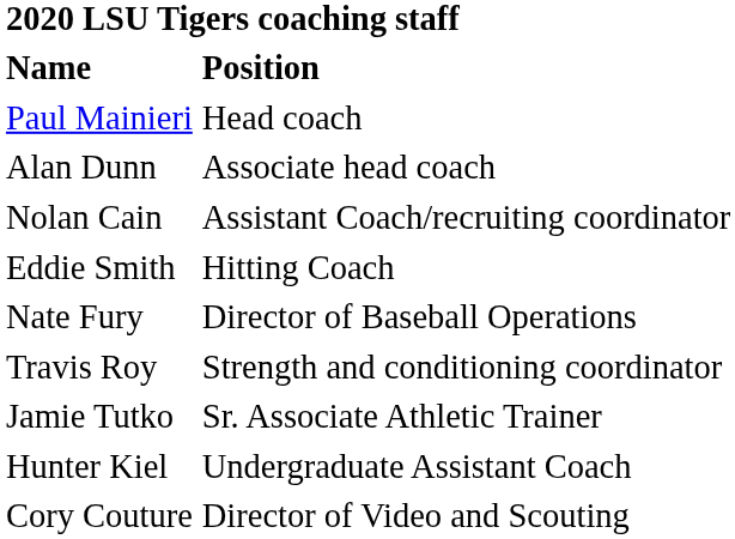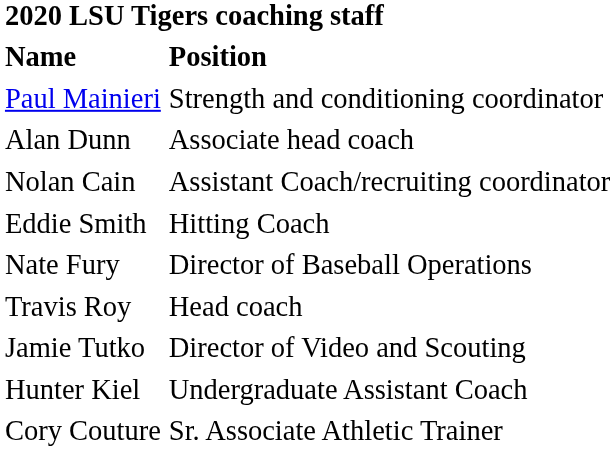 <table class="toccolours" style="text-align: left; font-size:90%;">
 <tr>
 <th colspan="9">2020 LSU Tigers coaching staff</th>
 </tr>
 <tr>
 <th>Name</th>
 <th>Position</th>
 </tr>
 <tr>
 <td><a href='#'>Paul Mainieri</a></td>
-<td>Head coach</td>
+<td>Strength and conditioning coordinator</td>
 </tr>
 <tr>
 <td>Alan Dunn</td>
 <td>Associate head coach</td>
 </tr>
 <tr>
 <td>Nolan Cain</td>
 <td>Assistant Coach/recruiting coordinator</td>
 </tr>
 <tr>
 <td>Eddie Smith</td>
 <td>Hitting Coach</td>
 </tr>
 <tr>
 <td>Nate Fury</td>
 <td>Director of Baseball Operations</td>
 </tr>
 <tr>
 <td>Travis Roy</td>
-<td>Strength and conditioning coordinator</td>
+<td>Head coach</td>
 </tr>
 <tr>
 <td>Jamie Tutko</td>
-<td>Sr. Associate Athletic Trainer</td>
+<td>Director of Video and Scouting</td>
 </tr>
 <tr>
 <td>Hunter Kiel</td>
 <td>Undergraduate Assistant Coach</td>
 </tr>
 <tr>
 <td>Cory Couture</td>
-<td>Director of Video and Scouting</td>
+<td>Sr. Associate Athletic Trainer</td>
 </tr>
 </table>
